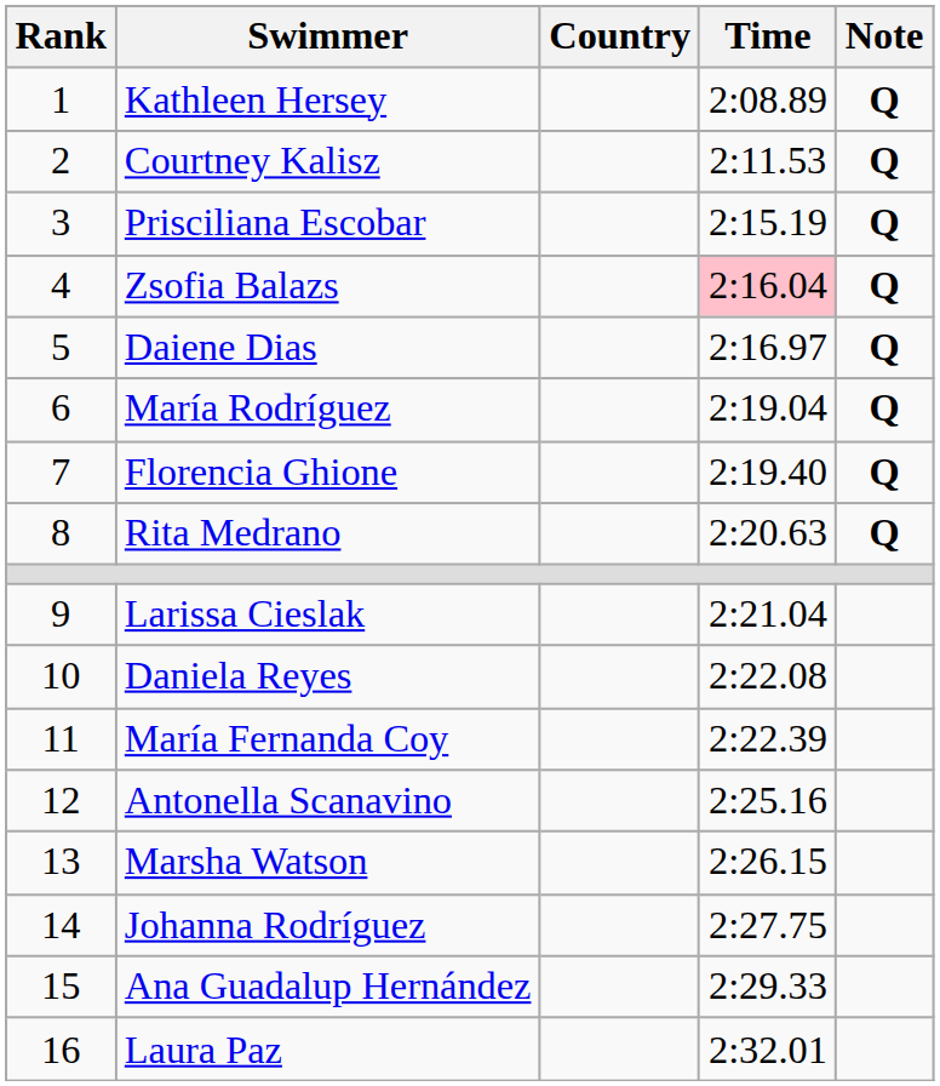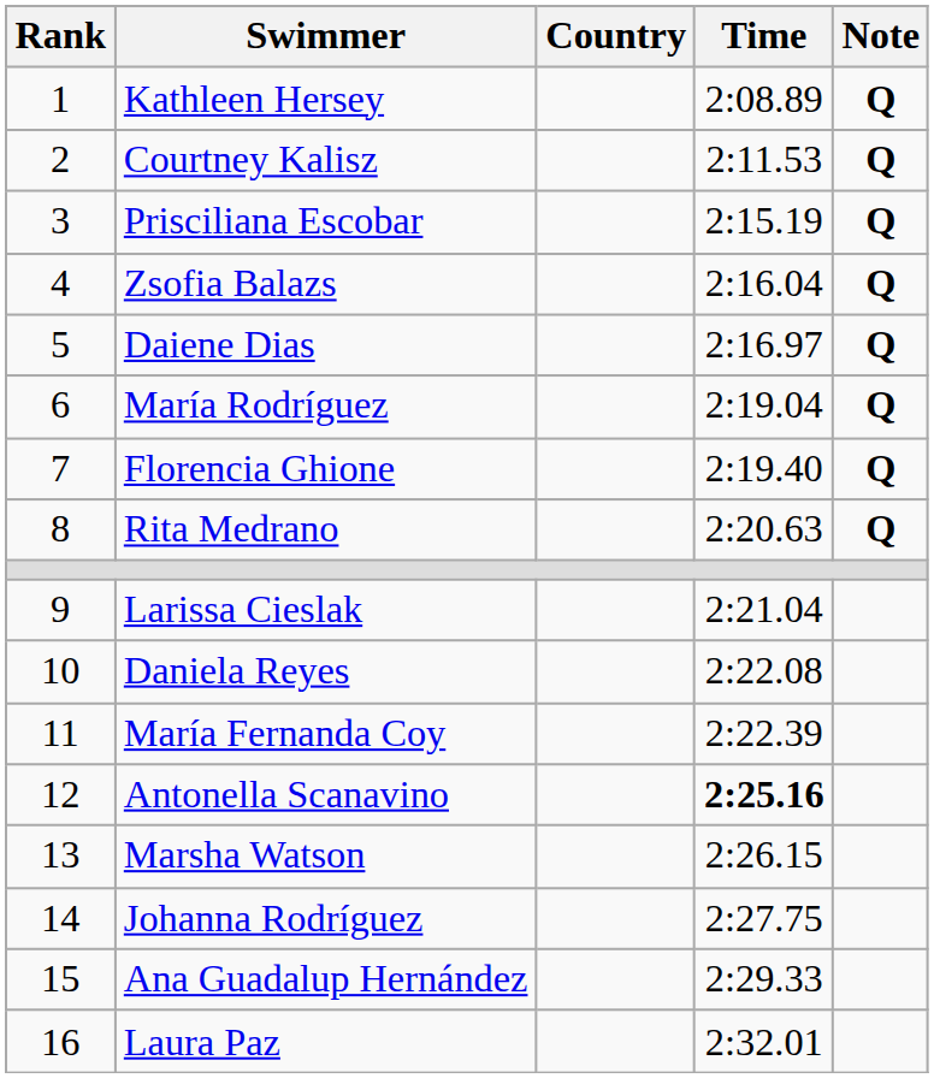 <table class="wikitable" style="text-align:center">
 <tr>
 <th>Rank</th>
 <th>Swimmer</th>
 <th>Country</th>
 <th>Time</th>
 <th>Note</th>
 </tr>
 <tr>
 <td>1</td>
 <td align=left><a href='#'>Kathleen Hersey</a></td>
 <td align=left></td>
 <td>2:08.89</td>
 <td><strong>Q</strong></td>
 </tr>
 <tr>
 <td>2</td>
 <td align=left><a href='#'>Courtney Kalisz</a></td>
 <td align=left></td>
 <td>2:11.53</td>
 <td><strong>Q</strong></td>
 </tr>
 <tr>
 <td>3</td>
 <td align=left><a href='#'>Prisciliana Escobar</a></td>
 <td align=left></td>
 <td>2:15.19</td>
 <td><strong>Q</strong></td>
 </tr>
 <tr>
 <td>4</td>
 <td align=left><a href='#'>Zsofia Balazs</a></td>
 <td align=left></td>
-<td style="background: pink;">2:16.04</td>
+<td>2:16.04</td>
 <td><strong>Q</strong></td>
 </tr>
 <tr>
 <td>5</td>
 <td align=left><a href='#'>Daiene Dias</a></td>
 <td align=left></td>
 <td>2:16.97</td>
 <td><strong>Q</strong></td>
 </tr>
 <tr>
 <td>6</td>
 <td align=left><a href='#'>María Rodríguez</a></td>
 <td align=left></td>
 <td>2:19.04</td>
 <td><strong>Q</strong></td>
 </tr>
 <tr>
 <td>7</td>
 <td align=left><a href='#'>Florencia Ghione</a></td>
 <td align=left></td>
 <td>2:19.40</td>
 <td><strong>Q</strong></td>
 </tr>
 <tr>
 <td>8</td>
 <td align=left><a href='#'>Rita Medrano</a></td>
 <td align=left></td>
 <td>2:20.63</td>
 <td><strong>Q</strong></td>
 </tr>
 <tr bgcolor=#DDDDDD>
 <td colspan=5></td>
 </tr>
 <tr>
 <td>9</td>
 <td align=left><a href='#'>Larissa Cieslak</a></td>
 <td align=left></td>
 <td>2:21.04</td>
 <td></td>
 </tr>
 <tr>
 <td>10</td>
 <td align=left><a href='#'>Daniela Reyes</a></td>
 <td align=left></td>
 <td>2:22.08</td>
 <td></td>
 </tr>
 <tr>
 <td>11</td>
 <td align=left><a href='#'>María Fernanda Coy</a></td>
 <td align=left></td>
 <td>2:22.39</td>
 <td></td>
 </tr>
 <tr>
 <td>12</td>
 <td align=left><a href='#'>Antonella Scanavino</a></td>
 <td align=left></td>
-<td>2:25.16</td>
+<td><strong>2:25.16</strong></td>
 <td></td>
 </tr>
 <tr>
 <td>13</td>
 <td align=left><a href='#'>Marsha Watson</a></td>
 <td align=left></td>
 <td>2:26.15</td>
 <td></td>
 </tr>
 <tr>
 <td>14</td>
 <td align=left><a href='#'>Johanna Rodríguez</a></td>
 <td align=left></td>
 <td>2:27.75</td>
 <td></td>
 </tr>
 <tr>
 <td>15</td>
 <td align=left><a href='#'>Ana Guadalup Hernández</a></td>
 <td align=left></td>
 <td>2:29.33</td>
 <td></td>
 </tr>
 <tr>
 <td>16</td>
 <td align=left><a href='#'>Laura Paz</a></td>
 <td align=left></td>
 <td>2:32.01</td>
 <td></td>
 </tr>
 <tr>
 </tr>
 </table>
